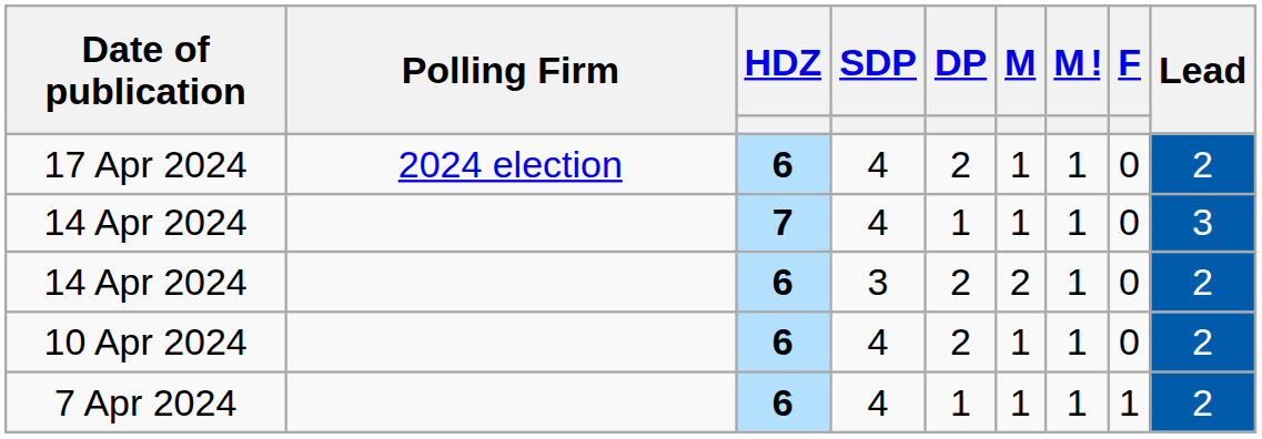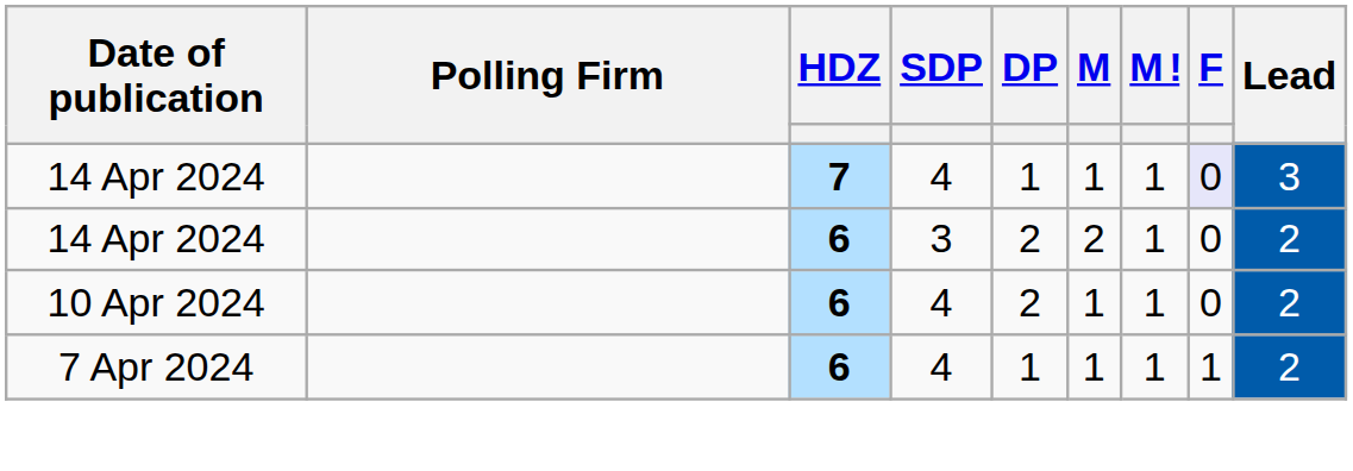 <table class="wikitable sortable" style="text-align:center; font-size:90%; line-height:16px;">
 <tr style="height:42px;">
 <th style="width:100px;" rowspan="2">Date of publication</th>
 <th style="width:165px;" rowspan="2">Polling Firm</th>
 <th><a href='#'>HDZ</a></th>
 <th><a href='#'>SDP</a></th>
 <th><a href='#'>DP</a></th>
 <th><a href='#'>M</a></th>
 <th style="letter-spacing:-1px;"><a href='#'>M !</a></th>
 <th><a href='#'>F</a></th>
 <th class="unsortable" style="width:20px;" rowspan="2">Lead</th>
 </tr>
 <tr>
 <th style="color:inherit;background:"></th>
 <th data-sort-type="number" style="color:inherit;background:"></th>
 <th style="color:inherit;background:"></th>
 <th style="color:inherit;background:"></th>
 <th style="color:inherit;background:"></th>
 <th style="color:inherit;background:"></th>
 </tr>
 <tr>
-<td>17 Apr 2024</td>
-<td><a href='#'>2024 election</a></td>
-<td style="background:#B3E0FF"><strong>6</strong></td>
-<td>4</td>
-<td>2</td>
-<td>1</td>
-<td>1</td>
-<td>0</td>
-<td style="background:#005BAA; color: white">2</td>
-</tr>
-<tr>
 <td>14 Apr 2024</td>
 <td></td>
 <td style="background:#B3E0FF"><strong>7</strong></td>
 <td>4</td>
 <td>1</td>
 <td>1</td>
 <td>1</td>
-<td>0</td>
+<td style="background: lavender;">0</td>
 <td style="background:#005BAA; color: white">3</td>
 </tr>
 <tr>
 <td>14 Apr 2024</td>
 <td></td>
 <td style="background:#B3E0FF"><strong>6</strong></td>
 <td>3</td>
 <td>2</td>
 <td>2</td>
 <td>1</td>
 <td>0</td>
 <td style="background:#005BAA; color: white">2</td>
 </tr>
 <tr>
 <td>10 Apr 2024</td>
 <td></td>
 <td style="background:#B3E0FF"><strong>6</strong></td>
 <td>4</td>
 <td>2</td>
 <td>1</td>
 <td>1</td>
 <td>0</td>
 <td style="background:#005BAA; color: white">2</td>
 </tr>
 <tr>
 <td>7 Apr 2024</td>
 <td></td>
 <td style="background:#B3E0FF"><strong>6</strong></td>
 <td>4</td>
 <td>1</td>
 <td>1</td>
 <td>1</td>
 <td>1</td>
 <td style="background:#005BAA; color: white">2</td>
 </tr>
 </table>
